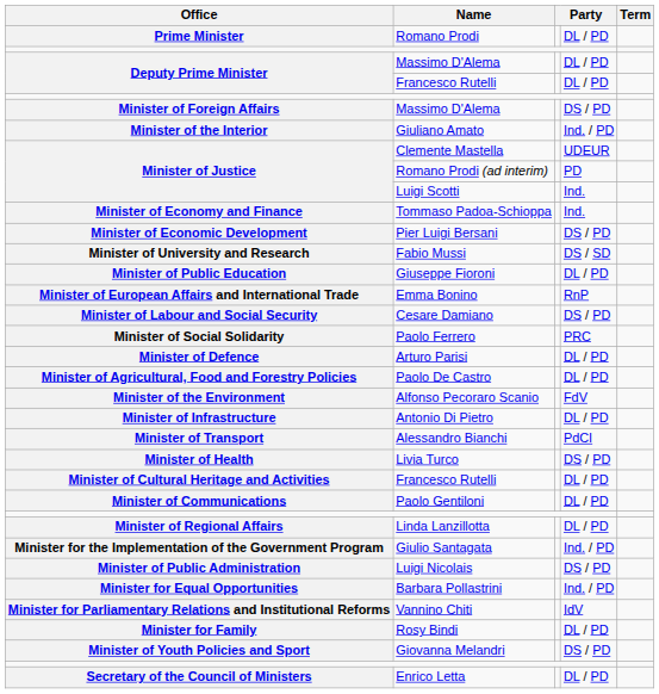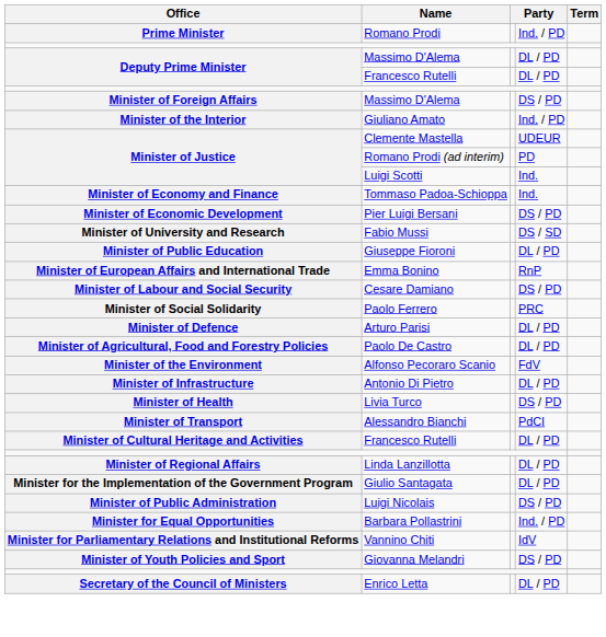 <table class="wikitable" style="font-size: 100%;">
 <tr>
 <th>Office</th>
 <th>Name</th>
 <th colspan=2>Party</th>
 <th>Term</th>
 </tr>
 <tr>
 <th><a href='#'>Prime Minister</a></th>
 <td><a href='#'>Romano Prodi</a></td>
 <td style="color:inherit;background:"></td>
-<td><a href='#'>DL</a> / <a href='#'>PD</a></td>
+<td><a href='#'>Ind.</a> / <a href='#'>PD</a></td>
 <td></td>
 </tr>
 <tr>
 <td colspan=4></td>
 </tr>
 <tr>
 <th rowspan=2><a href='#'>Deputy Prime Minister</a></th>
 <td><a href='#'>Massimo D'Alema</a></td>
 <td style="color:inherit;background:"></td>
 <td><a href='#'>DL</a> / <a href='#'>PD</a></td>
 <td></td>
 </tr>
 <tr>
 <td><a href='#'>Francesco Rutelli</a></td>
 <td style="color:inherit;background:"></td>
 <td><a href='#'>DL</a> / <a href='#'>PD</a></td>
 <td></td>
 </tr>
 <tr>
 <td colspan=4></td>
 </tr>
 <tr>
 <th><a href='#'>Minister of Foreign Affairs</a></th>
 <td><a href='#'>Massimo D'Alema</a></td>
 <td style="color:inherit;background:"></td>
 <td><a href='#'>DS</a> / <a href='#'>PD</a></td>
 <td></td>
 </tr>
 <tr>
 <th><a href='#'>Minister of the Interior</a></th>
 <td><a href='#'>Giuliano Amato</a></td>
 <td style="color:inherit;background:"></td>
 <td><a href='#'>Ind.</a> / <a href='#'>PD</a></td>
 <td></td>
 </tr>
 <tr>
 <th rowspan=3><a href='#'>Minister of Justice</a></th>
 <td><a href='#'>Clemente Mastella</a></td>
 <td style="color:inherit;background:"></td>
 <td><a href='#'>UDEUR</a></td>
 <td></td>
 </tr>
 <tr>
 <td><a href='#'>Romano Prodi</a> <em>(ad interim)</em></td>
 <td style="color:inherit;background:"></td>
 <td><a href='#'>PD</a></td>
 <td></td>
 </tr>
 <tr>
 <td><a href='#'>Luigi Scotti</a></td>
 <td style="color:inherit;background:"></td>
 <td><a href='#'>Ind.</a></td>
 <td></td>
 </tr>
 <tr>
 <th><a href='#'>Minister of Economy and Finance</a></th>
 <td><a href='#'>Tommaso Padoa-Schioppa</a></td>
 <td style="color:inherit;background:"></td>
 <td><a href='#'>Ind.</a></td>
 <td></td>
 </tr>
 <tr>
 <th><a href='#'>Minister of Economic Development</a></th>
 <td><a href='#'>Pier Luigi Bersani</a></td>
 <td style="color:inherit;background:"></td>
 <td><a href='#'>DS</a> / <a href='#'>PD</a></td>
 <td></td>
 </tr>
 <tr>
 <th>Minister of University and Research</th>
 <td><a href='#'>Fabio Mussi</a></td>
 <td style="color:inherit;background:"></td>
 <td><a href='#'>DS</a> / <a href='#'>SD</a></td>
 <td></td>
 </tr>
 <tr>
 <th><a href='#'>Minister of Public Education</a></th>
 <td><a href='#'>Giuseppe Fioroni</a></td>
 <td style="color:inherit;background:"></td>
 <td><a href='#'>DL</a> / <a href='#'>PD</a></td>
 <td></td>
 </tr>
 <tr>
 <th><a href='#'>Minister of European Affairs</a> and International Trade</th>
 <td><a href='#'>Emma Bonino</a></td>
 <td style="color:inherit;background:"></td>
 <td><a href='#'>RnP</a></td>
 <td></td>
 </tr>
 <tr>
 <th><a href='#'>Minister of Labour and Social Security</a></th>
 <td><a href='#'>Cesare Damiano</a></td>
 <td style="color:inherit;background:"></td>
 <td><a href='#'>DS</a> / <a href='#'>PD</a></td>
 <td></td>
 </tr>
 <tr>
 <th>Minister of Social Solidarity</th>
 <td><a href='#'>Paolo Ferrero</a></td>
 <td style="color:inherit;background:"></td>
 <td><a href='#'>PRC</a></td>
 <td></td>
 </tr>
 <tr>
 <th><a href='#'>Minister of Defence</a></th>
 <td><a href='#'>Arturo Parisi</a></td>
 <td style="color:inherit;background:"></td>
 <td><a href='#'>DL</a> / <a href='#'>PD</a></td>
 <td></td>
 </tr>
 <tr>
 <th><a href='#'>Minister of Agricultural, Food and Forestry Policies</a></th>
 <td><a href='#'>Paolo De Castro</a></td>
 <td style="color:inherit;background:"></td>
 <td><a href='#'>DL</a> / <a href='#'>PD</a></td>
 <td></td>
 </tr>
 <tr>
 <th><a href='#'>Minister of the Environment</a></th>
 <td><a href='#'>Alfonso Pecoraro Scanio</a></td>
 <td style="color:inherit;background:"></td>
 <td><a href='#'>FdV</a></td>
 <td></td>
 </tr>
 <tr>
 <th><a href='#'>Minister of Infrastructure</a></th>
 <td><a href='#'>Antonio Di Pietro</a></td>
 <td style="color:inherit;background:"></td>
 <td><a href='#'>DL</a> / <a href='#'>PD</a></td>
 <td></td>
 </tr>
 <tr>
+<th><a href='#'>Minister of Health</a></th>
+<td><a href='#'>Livia Turco</a></td>
+<td style="color:inherit;background:"></td>
+<td><a href='#'>DS</a> / <a href='#'>PD</a></td>
+<td></td>
+</tr>
+<tr>
 <th><a href='#'>Minister of Transport</a></th>
 <td><a href='#'>Alessandro Bianchi</a></td>
 <td style="color:inherit;background:"></td>
 <td><a href='#'>PdCI</a></td>
 <td></td>
 </tr>
 <tr>
-<th><a href='#'>Minister of Health</a></th>
-<td><a href='#'>Livia Turco</a></td>
-<td style="color:inherit;background:"></td>
-<td><a href='#'>DS</a> / <a href='#'>PD</a></td>
-<td></td>
-</tr>
-<tr>
 <th><a href='#'>Minister of Cultural Heritage and Activities</a></th>
 <td><a href='#'>Francesco Rutelli</a></td>
-<td style="color:inherit;background:"></td>
-<td><a href='#'>DL</a> / <a href='#'>PD</a></td>
-<td></td>
-</tr>
-<tr>
-<th><a href='#'>Minister of Communications</a></th>
-<td><a href='#'>Paolo Gentiloni</a></td>
 <td style="color:inherit;background:"></td>
 <td><a href='#'>DL</a> / <a href='#'>PD</a></td>
 <td></td>
 </tr>
 <tr>
 <td colspan=4></td>
 </tr>
 <tr>
 <th><a href='#'>Minister of Regional Affairs</a></th>
 <td><a href='#'>Linda Lanzillotta</a></td>
 <td style="color:inherit;background:"></td>
 <td><a href='#'>DL</a> / <a href='#'>PD</a></td>
 <td></td>
 </tr>
 <tr>
 <th>Minister for the Implementation of the Government Program</th>
 <td><a href='#'>Giulio Santagata</a></td>
 <td style="color:inherit;background:"></td>
-<td><a href='#'>Ind.</a> / <a href='#'>PD</a></td>
+<td><a href='#'>DL</a> / <a href='#'>PD</a></td>
 <td></td>
 </tr>
 <tr>
 <th><a href='#'>Minister of Public Administration</a></th>
 <td><a href='#'>Luigi Nicolais</a></td>
 <td style="color:inherit;background:"></td>
 <td><a href='#'>DS</a> / <a href='#'>PD</a></td>
 <td></td>
 </tr>
 <tr>
 <th><a href='#'>Minister for Equal Opportunities</a></th>
 <td><a href='#'>Barbara Pollastrini</a></td>
 <td style="color:inherit;background:"></td>
 <td><a href='#'>Ind.</a> / <a href='#'>PD</a></td>
 <td></td>
 </tr>
 <tr>
 <th><a href='#'>Minister for Parliamentary Relations</a> and Institutional Reforms</th>
 <td><a href='#'>Vannino Chiti</a></td>
 <td style="color:inherit;background:"></td>
 <td><a href='#'>IdV</a></td>
 <td></td>
 </tr>
 <tr>
-<th><a href='#'>Minister for Family</a></th>
-<td><a href='#'>Rosy Bindi</a></td>
-<td style="color:inherit;background:"></td>
-<td><a href='#'>DL</a> / <a href='#'>PD</a></td>
-<td></td>
-</tr>
-<tr>
 <th><a href='#'>Minister of Youth Policies and Sport</a></th>
 <td><a href='#'>Giovanna Melandri</a></td>
 <td style="color:inherit;background:"></td>
 <td><a href='#'>DS</a> / <a href='#'>PD</a></td>
 <td></td>
 </tr>
 <tr>
 <td colspan=4></td>
 </tr>
 <tr>
 <th><a href='#'>Secretary of the Council of Ministers</a></th>
 <td><a href='#'>Enrico Letta</a></td>
 <td style="color:inherit;background:"></td>
 <td><a href='#'>DL</a> / <a href='#'>PD</a></td>
 <td></td>
 </tr>
 </table>
